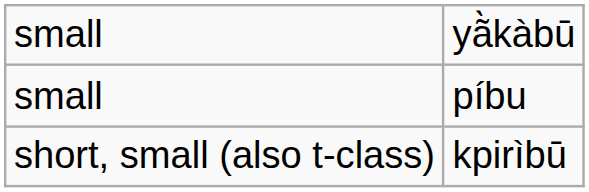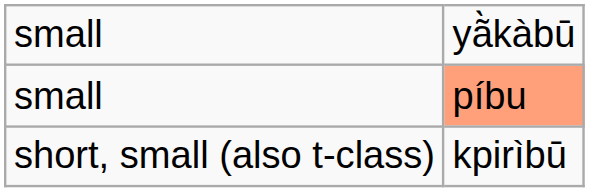 <table class="wikitable">
 <tr>
 <td>small</td>
 <td>yã̀kàbū</td>
 </tr>
 <tr>
 <td>small</td>
-<td>píbu</td>
+<td style="background: lightsalmon;">píbu</td>
 </tr>
 <tr>
 <td>short, small (also t-class)</td>
 <td>kpirìbū</td>
 </tr>
 </table>
